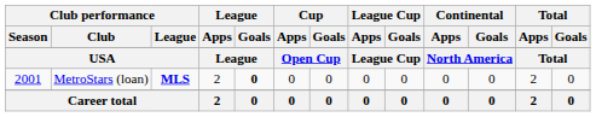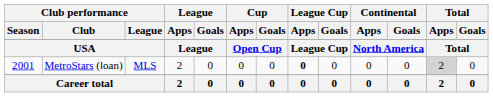 <table class="wikitable" style="text-align:center">
 <tr>
 <th colspan=3>Club performance</th>
 <th colspan=2>League</th>
 <th colspan=2>Cup</th>
 <th colspan=2>League Cup</th>
 <th colspan=2>Continental</th>
 <th colspan=2>Total</th>
 </tr>
 <tr>
 <th>Season</th>
 <th>Club</th>
 <th>League</th>
 <th>Apps</th>
 <th>Goals</th>
 <th>Apps</th>
 <th>Goals</th>
 <th>Apps</th>
 <th>Goals</th>
 <th>Apps</th>
 <th>Goals</th>
 <th>Apps</th>
 <th>Goals</th>
 </tr>
 <tr>
 </tr>
 <tr>
 <th colspan=3>USA</th>
 <th colspan=2>League</th>
 <th colspan=2><a href='#'>Open Cup</a></th>
 <th colspan=2>League Cup</th>
 <th colspan=2><a href='#'>North America</a></th>
 <th colspan=2>Total</th>
 </tr>
 <tr>
 <td><a href='#'>2001</a></td>
 <td><a href='#'>MetroStars</a> (loan)</td>
-<td><strong><a href='#'>MLS</a></strong></td>
+<td><a href='#'>MLS</a></td>
 <td>2</td>
+<td>0</td>
+<td>0</td>
+<td>0</td>
 <td><strong>0</strong></td>
 <td>0</td>
 <td>0</td>
 <td>0</td>
-<td>0</td>
-<td>0</td>
-<td>0</td>
-<td>2</td>
+<td style="background: lightgrey;">2</td>
 <td>0</td>
 </tr>
 <tr>
 </tr>
 <tr>
 <th colspan=3>Career total</th>
 <th>2</th>
 <th>0</th>
 <th>0</th>
 <th>0</th>
 <th>0</th>
 <th>0</th>
 <th>0</th>
 <th>0</th>
 <th>2</th>
 <th>0</th>
 </tr>
 </table>
